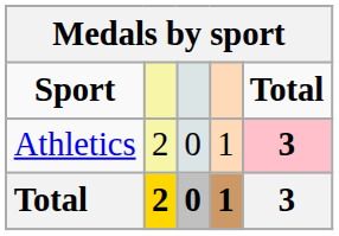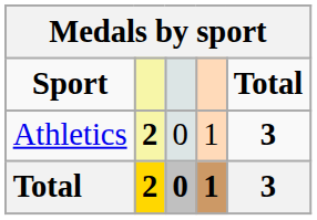 <table class="wikitable" style="text-align:center;font-size:90%">
 <tr style="background:#efefef;">
 <th colspan=7>Medals by sport</th>
 </tr>
 <tr>
 <td><strong>Sport</strong></td>
 <td bgcolor=#f7f6a8></td>
 <td bgcolor=#dce5e5></td>
 <td bgcolor=#ffdab9></td>
 <td><strong>Total</strong></td>
 </tr>
 <tr>
 <td style="text-align:left;"><a href='#'>Athletics</a></td>
-<td style="background:#F7F6A8;">2</td>
+<td style="background:#F7F6A8;"><strong>2</strong></td>
 <td style="background:#DCE5E5;">0</td>
 <td style="background:#FFDAB9;">1</td>
-<td style="background: pink;"><strong>3</strong></td>
+<td><strong>3</strong></td>
 </tr>
 <tr>
 <th style="text-align:left;">Total</th>
 <th style="background:gold;">2</th>
 <th style="background:silver;">0</th>
 <th style="background:#c96;">1</th>
 <th>3</th>
 </tr>
 </table>
